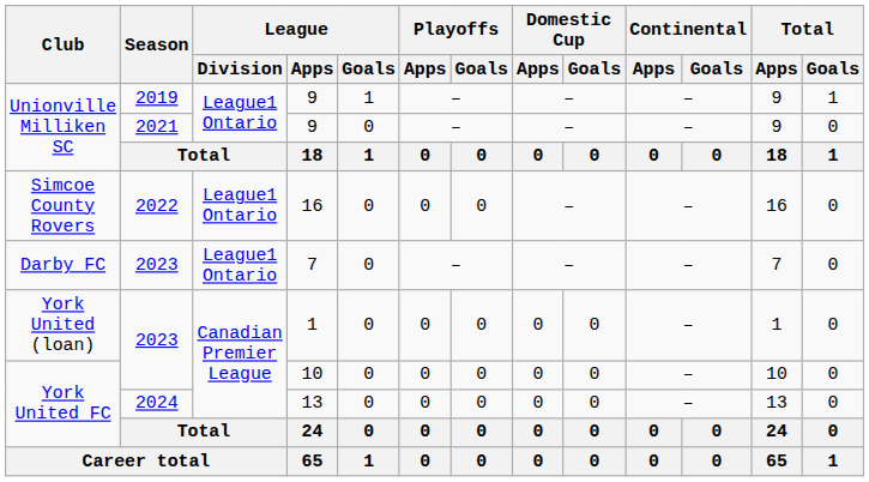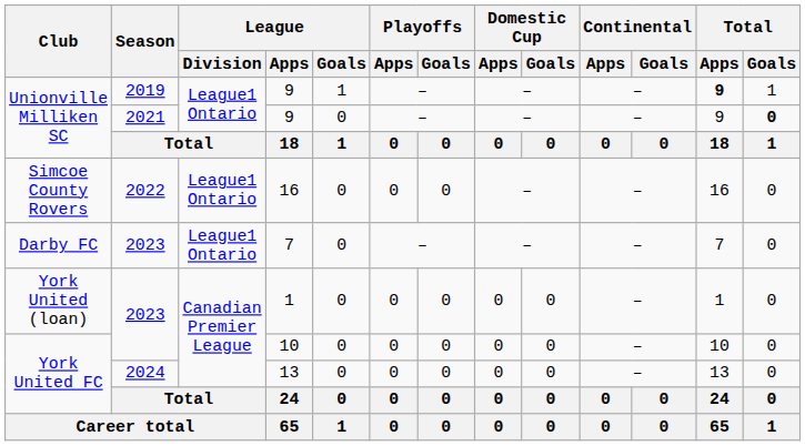 <table class="wikitable" style="text-align: center">
 <tr>
 <th rowspan="2">Club</th>
 <th rowspan="2">Season</th>
 <th colspan="3">League</th>
 <th colspan="2">Playoffs</th>
 <th colspan="2">Domestic Cup</th>
 <th colspan="2">Continental</th>
 <th colspan="2">Total</th>
 </tr>
 <tr>
 <th>Division</th>
 <th>Apps</th>
 <th>Goals</th>
 <th>Apps</th>
 <th>Goals</th>
 <th>Apps</th>
 <th>Goals</th>
 <th>Apps</th>
 <th>Goals</th>
 <th>Apps</th>
 <th>Goals</th>
 </tr>
 <tr>
 <td rowspan=3><a href='#'>Unionville Milliken SC</a></td>
 <td><a href='#'>2019</a></td>
 <td rowspan=2><a href='#'>League1 Ontario</a></td>
 <td>9</td>
 <td>1</td>
 <td colspan="2">–</td>
 <td colspan="2">–</td>
 <td colspan="2">–</td>
-<td>9</td>
+<td><strong>9</strong></td>
 <td>1</td>
 </tr>
 <tr>
 <td><a href='#'>2021</a></td>
 <td>9</td>
 <td>0</td>
 <td colspan="2">–</td>
 <td colspan="2">–</td>
 <td colspan="2">–</td>
 <td>9</td>
-<td>0</td>
+<td><strong>0</strong></td>
 </tr>
 <tr>
 <th colspan="2"><strong>Total</strong></th>
 <th>18</th>
 <th>1</th>
 <th>0</th>
 <th>0</th>
 <th>0</th>
 <th>0</th>
 <th>0</th>
 <th>0</th>
 <th>18</th>
 <th>1</th>
 </tr>
 <tr>
 <td><a href='#'>Simcoe County Rovers</a></td>
 <td><a href='#'>2022</a></td>
 <td><a href='#'>League1 Ontario</a></td>
 <td>16</td>
 <td>0</td>
 <td>0</td>
 <td>0</td>
 <td colspan="2">–</td>
 <td colspan="2">–</td>
 <td>16</td>
 <td>0</td>
 </tr>
 <tr>
 <td><a href='#'>Darby FC</a></td>
 <td><a href='#'>2023</a></td>
 <td><a href='#'>League1 Ontario</a></td>
 <td>7</td>
 <td>0</td>
 <td colspan="2">–</td>
 <td colspan="2">–</td>
 <td colspan="2">–</td>
 <td>7</td>
 <td>0</td>
 </tr>
 <tr>
 <td><a href='#'>York United</a> (loan)</td>
 <td rowspan=2><a href='#'>2023</a></td>
 <td rowspan=3><a href='#'>Canadian Premier League</a></td>
 <td>1</td>
 <td>0</td>
 <td>0</td>
 <td>0</td>
 <td>0</td>
 <td>0</td>
 <td colspan="2">–</td>
 <td>1</td>
 <td>0</td>
 </tr>
 <tr>
 <td rowspan=3><a href='#'>York United FC</a></td>
 <td>10</td>
 <td>0</td>
 <td>0</td>
 <td>0</td>
 <td>0</td>
 <td>0</td>
 <td colspan="2">–</td>
 <td>10</td>
 <td>0</td>
 </tr>
 <tr>
 <td><a href='#'>2024</a></td>
 <td>13</td>
 <td>0</td>
 <td>0</td>
 <td>0</td>
 <td>0</td>
 <td>0</td>
 <td colspan="2">–</td>
 <td>13</td>
 <td>0</td>
 </tr>
 <tr>
 <th colspan="2"><strong>Total</strong></th>
 <th>24</th>
 <th>0</th>
 <th>0</th>
 <th>0</th>
 <th>0</th>
 <th>0</th>
 <th>0</th>
 <th>0</th>
 <th>24</th>
 <th>0</th>
 </tr>
 <tr>
 <th colspan="3"><strong>Career total</strong></th>
 <th>65</th>
 <th>1</th>
 <th>0</th>
 <th>0</th>
 <th>0</th>
 <th>0</th>
 <th>0</th>
 <th>0</th>
 <th>65</th>
 <th>1</th>
 </tr>
 </table>
